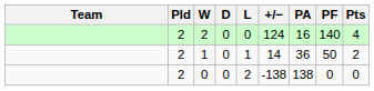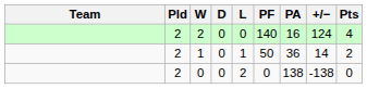 <table class="wikitable" style="text-align:center">
 <tr>
 <th width="200">Team</th>
 <th width="20">Pld</th>
 <th width="20">W</th>
 <th width="20">D</th>
 <th width="20">L</th>
+<th width="20">PF</th>
+<th width="20">PA</th>
 <th width="25">+/−</th>
-<th width="20">PA</th>
-<th width="20">PF</th>
 <th width="20">Pts</th>
 </tr>
 <tr style="background:#ccffcc;">
 <td align=left></td>
 <td>2</td>
 <td>2</td>
 <td>0</td>
 <td>0</td>
+<td>140</td>
+<td>16</td>
 <td>124</td>
-<td>16</td>
-<td>140</td>
 <td>4</td>
 </tr>
 <tr>
 <td align=left></td>
 <td>2</td>
 <td>1</td>
 <td>0</td>
 <td>1</td>
+<td>50</td>
+<td>36</td>
 <td>14</td>
-<td>36</td>
-<td>50</td>
 <td>2</td>
 </tr>
 <tr>
 <td align=left></td>
 <td>2</td>
 <td>0</td>
 <td>0</td>
 <td>2</td>
+<td>0</td>
+<td>138</td>
 <td>-138</td>
-<td>138</td>
-<td>0</td>
 <td>0</td>
 </tr>
 </table>
